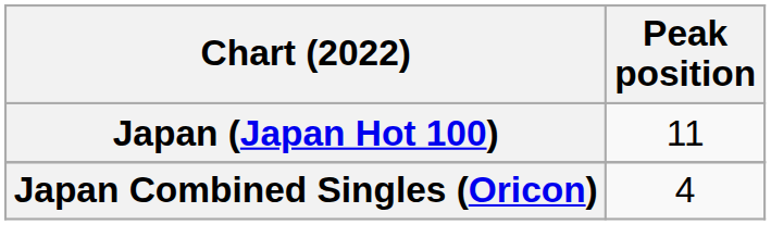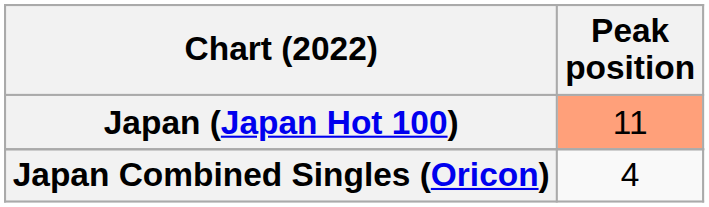 <table class="wikitable sortable plainrowheaders" style="text-align:center">
 <tr>
 <th scope="col">Chart (2022)</th>
 <th scope="col">Peak<br>position</th>
 </tr>
 <tr>
 <th scope="row">Japan (<a href='#'>Japan Hot 100</a>)</th>
-<td>11</td>
+<td style="background: lightsalmon;">11</td>
 </tr>
 <tr>
 </tr>
 <tr>
 <th scope="row">Japan Combined Singles (<a href='#'>Oricon</a>)</th>
 <td>4</td>
 </tr>
 </table>
